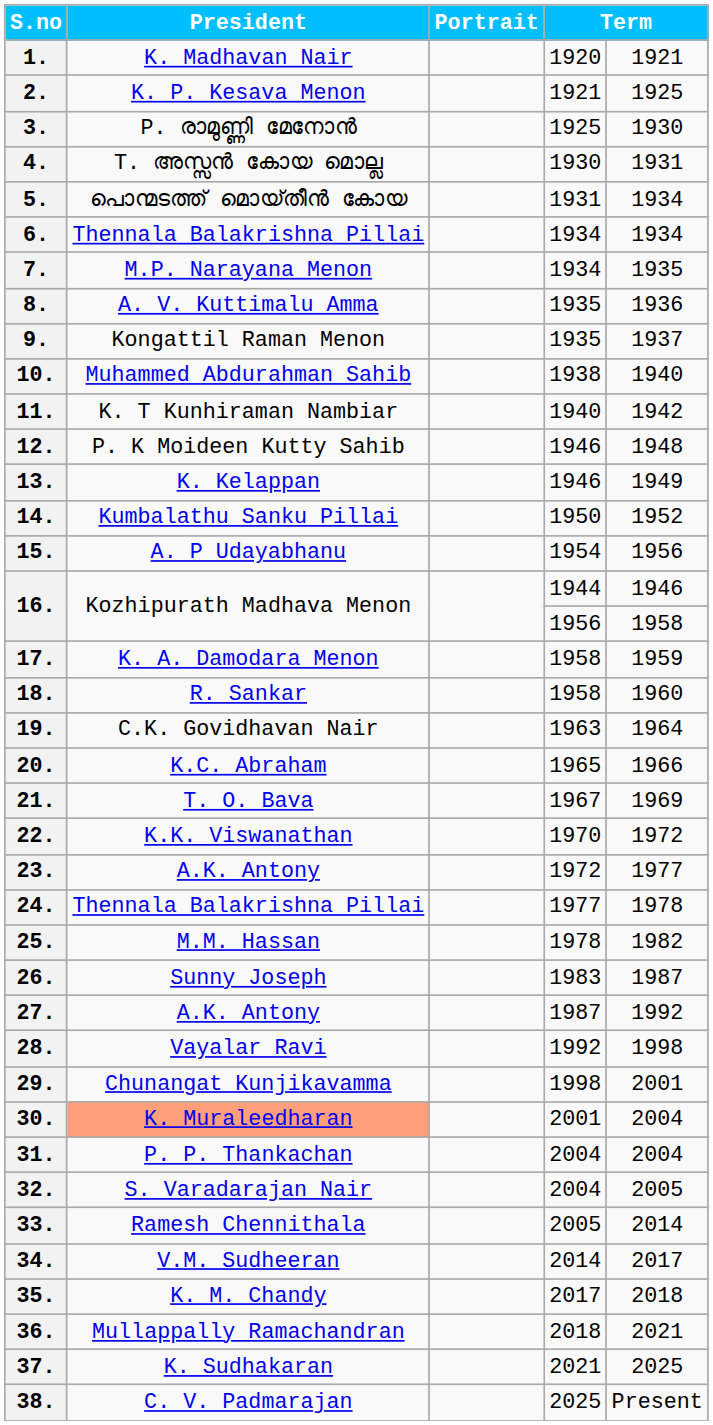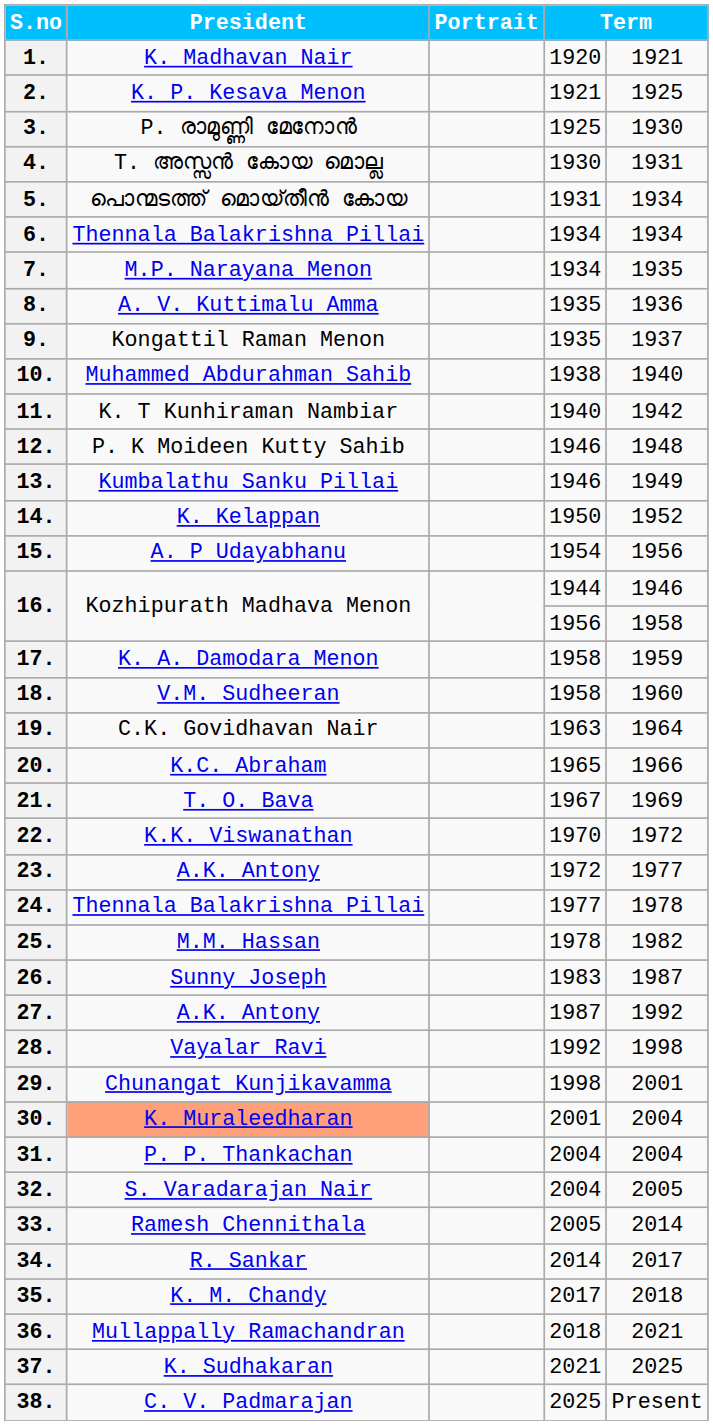 <table class="wikitable sortable" style="text-align:center;">
 <tr>
 <th Style="background-color:#00BFFF; color:white">S.no</th>
 <th Style="background-color:#00BFFF; color:white">President</th>
 <th Style="background-color:#00BFFF; color:white">Portrait</th>
 <th Style="background-color:#00BFFF; color:white" colspan=2>Term</th>
 </tr>
 <tr>
 <th>1.</th>
 <td><a href='#'>K. Madhavan Nair</a></td>
 <td></td>
 <td>1920</td>
 <td>1921</td>
 </tr>
 <tr>
 <th>2.</th>
 <td><a href='#'>K. P. Kesava Menon</a></td>
 <td></td>
 <td>1921</td>
 <td>1925</td>
 </tr>
 <tr>
 <th>3.</th>
 <td>P. രാമുണ്ണി മേനോൻ</td>
 <td></td>
 <td>1925</td>
 <td>1930</td>
 </tr>
 <tr>
 <th>4.</th>
 <td>T. അസ്സൻ കോയ മൊല്ല</td>
 <td></td>
 <td>1930</td>
 <td>1931</td>
 </tr>
 <tr>
 <th>5.</th>
 <td>പൊന്മടത്ത് മൊയ്‌തീൻ കോയ</td>
 <td></td>
 <td>1931</td>
 <td>1934</td>
 </tr>
 <tr>
 <th>6.</th>
 <td><a href='#'>Thennala Balakrishna Pillai</a></td>
 <td></td>
 <td>1934</td>
 <td>1934</td>
 </tr>
 <tr>
 <th>7.</th>
 <td><a href='#'>M.P. Narayana Menon</a></td>
 <td></td>
 <td>1934</td>
 <td>1935</td>
 </tr>
 <tr>
 <th>8.</th>
 <td><a href='#'>A. V. Kuttimalu Amma</a></td>
 <td></td>
 <td>1935</td>
 <td>1936</td>
 </tr>
 <tr>
 <th>9.</th>
 <td>Kongattil Raman Menon</td>
 <td></td>
 <td>1935</td>
 <td>1937</td>
 </tr>
 <tr>
 <th>10.</th>
 <td><a href='#'>Muhammed Abdurahman Sahib</a></td>
 <td></td>
 <td>1938</td>
 <td>1940</td>
 </tr>
 <tr>
 <th>11.</th>
 <td>K. T Kunhiraman Nambiar</td>
 <td></td>
 <td>1940</td>
 <td>1942</td>
 </tr>
 <tr>
 <th>12.</th>
 <td>P. K Moideen Kutty Sahib</td>
 <td></td>
 <td>1946</td>
 <td>1948</td>
 </tr>
 <tr>
 <th>13.</th>
-<td><a href='#'>K. Kelappan</a></td>
+<td><a href='#'>Kumbalathu Sanku Pillai</a></td>
 <td></td>
 <td>1946</td>
 <td>1949</td>
 </tr>
 <tr>
 <th>14.</th>
-<td><a href='#'>Kumbalathu Sanku Pillai</a></td>
+<td><a href='#'>K. Kelappan</a></td>
 <td></td>
 <td>1950</td>
 <td>1952</td>
 </tr>
 <tr>
 <th>15.</th>
 <td><a href='#'>A. P Udayabhanu</a></td>
 <td></td>
 <td>1954</td>
 <td>1956</td>
 </tr>
 <tr>
 <th rowspan=2>16.</th>
 <td rowspan=2>Kozhipurath Madhava Menon</td>
 <td rowspan=2></td>
 <td>1944</td>
 <td>1946</td>
 </tr>
 <tr>
 <td>1956</td>
 <td>1958</td>
 </tr>
 <tr>
 <th>17.</th>
 <td><a href='#'>K. A. Damodara Menon</a></td>
 <td></td>
 <td>1958</td>
 <td>1959</td>
 </tr>
 <tr>
 <th>18.</th>
-<td><a href='#'>R. Sankar</a></td>
+<td><a href='#'>V.M. Sudheeran</a></td>
 <td></td>
 <td>1958</td>
 <td>1960</td>
 </tr>
 <tr>
 <th>19.</th>
 <td>C.K. Govidhavan Nair</td>
 <td></td>
 <td>1963</td>
 <td>1964</td>
 </tr>
 <tr>
 <th>20.</th>
 <td><a href='#'>K.C. Abraham</a></td>
 <td></td>
 <td>1965</td>
 <td>1966</td>
 </tr>
 <tr>
 <th>21.</th>
 <td><a href='#'>T. O. Bava</a></td>
 <td></td>
 <td>1967</td>
 <td>1969</td>
 </tr>
 <tr>
 <th>22.</th>
 <td><a href='#'>K.K. Viswanathan</a></td>
 <td></td>
 <td>1970</td>
 <td>1972</td>
 </tr>
 <tr>
 <th>23.</th>
 <td><a href='#'>A.K. Antony</a></td>
 <td></td>
 <td>1972</td>
 <td>1977</td>
 </tr>
 <tr>
 <th>24.</th>
 <td><a href='#'>Thennala Balakrishna Pillai</a></td>
 <td></td>
 <td>1977</td>
 <td>1978</td>
 </tr>
 <tr>
 <th>25.</th>
 <td><a href='#'>M.M. Hassan</a></td>
 <td></td>
 <td>1978</td>
 <td>1982</td>
 </tr>
 <tr>
 <th>26.</th>
 <td><a href='#'>Sunny Joseph</a></td>
 <td></td>
 <td>1983</td>
 <td>1987</td>
 </tr>
 <tr>
 <th>27.</th>
 <td><a href='#'>A.K. Antony</a></td>
 <td></td>
 <td>1987</td>
 <td>1992</td>
 </tr>
 <tr>
 <th>28.</th>
 <td><a href='#'>Vayalar Ravi</a></td>
 <td></td>
 <td>1992</td>
 <td>1998</td>
 </tr>
 <tr>
 <th>29.</th>
 <td><a href='#'>Chunangat Kunjikavamma</a></td>
 <td></td>
 <td>1998</td>
 <td>2001</td>
 </tr>
 <tr>
 <th>30.</th>
 <td style="background: lightsalmon;"><a href='#'>K. Muraleedharan</a></td>
 <td></td>
 <td>2001</td>
 <td>2004</td>
 </tr>
 <tr>
 <th>31.</th>
 <td><a href='#'>P. P. Thankachan</a></td>
 <td></td>
 <td>2004</td>
 <td>2004</td>
 </tr>
 <tr>
 <th>32.</th>
 <td><a href='#'>S. Varadarajan Nair</a></td>
 <td></td>
 <td>2004</td>
 <td>2005</td>
 </tr>
 <tr>
 <th>33.</th>
 <td><a href='#'>Ramesh Chennithala</a></td>
 <td></td>
 <td>2005</td>
 <td>2014</td>
 </tr>
 <tr>
 <th>34.</th>
-<td><a href='#'>V.M. Sudheeran</a></td>
+<td><a href='#'>R. Sankar</a></td>
 <td></td>
 <td>2014</td>
 <td>2017</td>
 </tr>
 <tr>
 <th>35.</th>
 <td><a href='#'>K. M. Chandy</a></td>
 <td></td>
 <td>2017</td>
 <td>2018</td>
 </tr>
 <tr>
 <th>36.</th>
 <td><a href='#'>Mullappally Ramachandran</a></td>
 <td></td>
 <td>2018</td>
 <td>2021</td>
 </tr>
 <tr>
 <th>37.</th>
 <td><a href='#'>K. Sudhakaran</a></td>
 <td></td>
 <td>2021</td>
 <td>2025</td>
 </tr>
 <tr>
 <th>38.</th>
 <td><a href='#'>C. V. Padmarajan</a></td>
 <td></td>
 <td>2025</td>
 <td>Present</td>
 </tr>
 </table>
